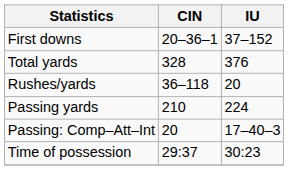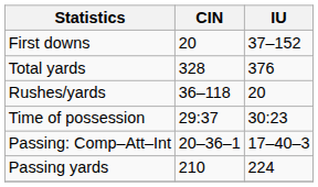 <table class="wikitable" style="float: left;">
 <tr>
 <th>Statistics</th>
 <th>CIN</th>
 <th>IU</th>
 </tr>
 <tr>
 <td>First downs</td>
-<td>20–36–1</td>
+<td>20</td>
 <td>37–152</td>
 </tr>
 <tr>
 <td>Total yards</td>
 <td>328</td>
 <td>376</td>
 </tr>
 <tr>
 <td>Rushes/yards</td>
 <td>36–118</td>
 <td>20</td>
 </tr>
 <tr>
+<td>Time of possession</td>
+<td>29:37</td>
+<td>30:23</td>
+</tr>
+<tr>
+<td>Passing: Comp–Att–Int</td>
+<td>20–36–1</td>
+<td>17–40–3</td>
+</tr>
+<tr>
 <td>Passing yards</td>
 <td>210</td>
 <td>224</td>
 </tr>
 <tr>
-<td>Passing: Comp–Att–Int</td>
-<td>20</td>
-<td>17–40–3</td>
-</tr>
-<tr>
-<td>Time of possession</td>
-<td>29:37</td>
-<td>30:23</td>
-</tr>
-<tr>
 </tr>
 </table>
